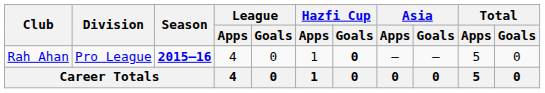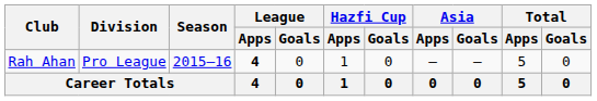 <table class="wikitable" style="text-align: center;">
 <tr>
 <th rowspan="2">Club</th>
 <th rowspan="2">Division</th>
 <th rowspan="2">Season</th>
 <th colspan="2">League</th>
 <th colspan="2"><a href='#'>Hazfi Cup</a></th>
 <th colspan="2"><a href='#'>Asia</a></th>
 <th colspan="2">Total</th>
 </tr>
 <tr>
 <th>Apps</th>
 <th>Goals</th>
 <th>Apps</th>
 <th>Goals</th>
 <th>Apps</th>
 <th>Goals</th>
 <th>Apps</th>
 <th>Goals</th>
 </tr>
 <tr>
 <td><a href='#'>Rah Ahan</a></td>
 <td><a href='#'>Pro League</a></td>
-<td><strong><a href='#'>2015–16</a></strong></td>
-<td>4</td>
+<td><a href='#'>2015–16</a></td>
+<td><strong>4</strong></td>
 <td>0</td>
 <td>1</td>
-<td><strong>0</strong></td>
+<td>0</td>
 <td>–</td>
 <td>–</td>
 <td>5</td>
 <td>0</td>
 </tr>
 <tr>
 <th colspan=3>Career Totals</th>
 <th>4</th>
 <th>0</th>
 <th>1</th>
 <th>0</th>
 <th>0</th>
 <th>0</th>
 <th>5</th>
 <th>0</th>
 </tr>
 </table>
